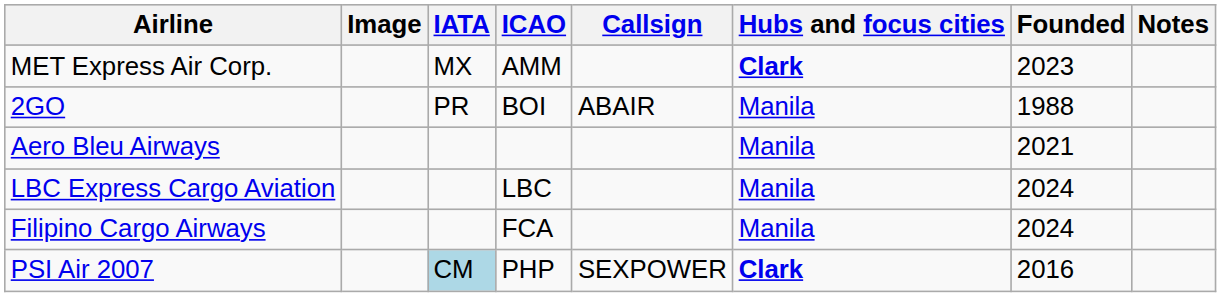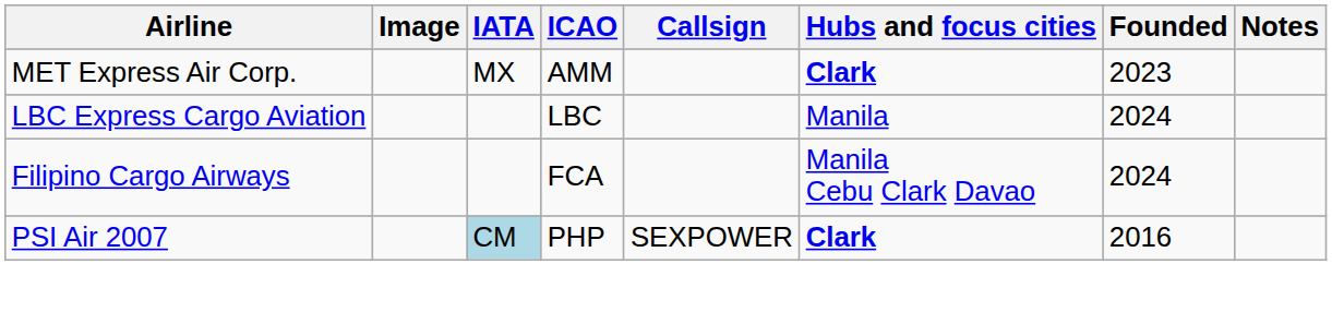 <table class="wikitable" style="border: 0; cellpadding: 2; cellspacing: 3;">
 <tr style="vertical-align:middle;">
 <th>Airline</th>
 <th>Image</th>
 <th><a href='#'>IATA</a></th>
 <th><a href='#'>ICAO</a></th>
 <th><a href='#'>Callsign</a></th>
 <th><a href='#'>Hubs</a> and <a href='#'>focus cities</a></th>
 <th>Founded</th>
 <th>Notes</th>
 </tr>
 <tr>
 <td>MET Express Air Corp.</td>
 <td></td>
 <td>MX</td>
 <td>AMM</td>
 <td></td>
 <td><strong><a href='#'>Clark</a></strong></td>
 <td>2023</td>
 <td></td>
 </tr>
 <tr>
-<td><a href='#'>2GO</a></td>
-<td></td>
-<td>PR</td>
-<td>BOI</td>
-<td>ABAIR</td>
-<td><a href='#'>Manila</a></td>
-<td>1988</td>
-<td></td>
-</tr>
-<tr>
-<td><a href='#'>Aero Bleu Airways</a></td>
-<td></td>
-<td></td>
-<td></td>
-<td></td>
-<td><a href='#'>Manila</a></td>
-<td>2021</td>
-<td></td>
-</tr>
-<tr>
 <td><a href='#'>LBC Express Cargo Aviation</a></td>
 <td></td>
 <td></td>
 <td>LBC</td>
 <td></td>
 <td><a href='#'>Manila</a></td>
 <td>2024</td>
 <td></td>
 </tr>
 <tr>
 <td><a href='#'>Filipino Cargo Airways</a></td>
 <td></td>
 <td></td>
 <td>FCA</td>
 <td></td>
-<td><a href='#'>Manila</a></td>
+<td><a href='#'>Manila</a><br><a href='#'>Cebu</a> <a href='#'>Clark</a> <a href='#'>Davao</a></td>
 <td>2024</td>
 <td></td>
 </tr>
 <tr>
 <td><a href='#'>PSI Air 2007</a></td>
 <td></td>
 <td style="background: lightblue;">CM</td>
 <td>PHP</td>
 <td>SEXPOWER</td>
 <td><strong><a href='#'>Clark</a></strong></td>
 <td>2016</td>
 <td></td>
 </tr>
 <tr>
 </tr>
 </table>
